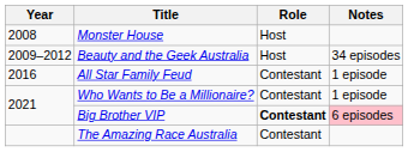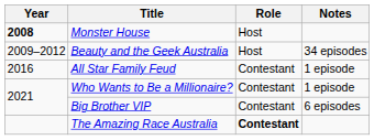 <table class="wikitable">
 <tr>
 <th>Year</th>
 <th>Title</th>
 <th>Role</th>
 <th>Notes</th>
 </tr>
 <tr>
-<td>2008</td>
+<td><strong>2008</strong></td>
 <td><em><a href='#'>Monster House</a></em></td>
 <td>Host</td>
 <td></td>
 </tr>
 <tr>
 <td>2009–2012</td>
 <td><em><a href='#'>Beauty and the Geek Australia</a></em></td>
 <td>Host</td>
 <td>34 episodes</td>
 </tr>
 <tr>
 <td>2016</td>
 <td><em><a href='#'>All Star Family Feud</a></em></td>
 <td>Contestant</td>
 <td>1 episode</td>
 </tr>
 <tr>
 <td rowspan=2>2021</td>
 <td><em><a href='#'>Who Wants to Be a Millionaire?</a></em></td>
 <td>Contestant</td>
 <td>1 episode</td>
 </tr>
 <tr>
 <td><em><a href='#'>Big Brother VIP</a></em></td>
-<td><strong>Contestant</strong></td>
-<td style="background: pink;">6 episodes</td>
+<td>Contestant</td>
+<td>6 episodes</td>
 </tr>
 <tr>
 <td></td>
 <td><em><a href='#'>The Amazing Race Australia</a></em></td>
-<td>Contestant</td>
+<td><strong>Contestant</strong></td>
 <td></td>
 </tr>
 </table>
